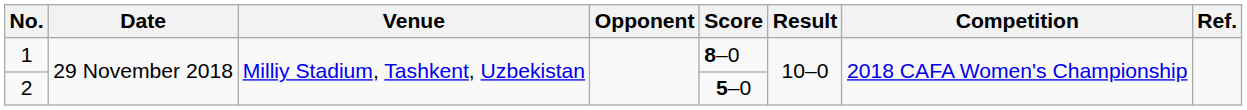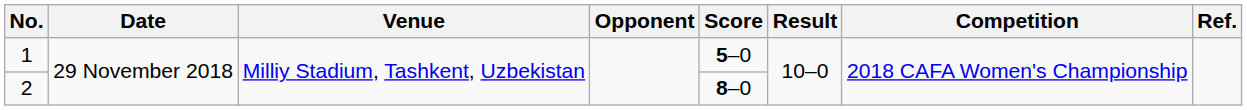 <table class="wikitable">
 <tr>
 <th>No.</th>
 <th>Date</th>
 <th>Venue</th>
 <th>Opponent</th>
 <th>Score</th>
 <th>Result</th>
 <th>Competition</th>
 <th>Ref.</th>
 </tr>
 <tr>
 <td style="text-align:center;">1</td>
 <td rowspan=2>29 November 2018</td>
 <td rowspan=2><a href='#'>Milliy Stadium</a>, <a href='#'>Tashkent</a>, <a href='#'>Uzbekistan</a></td>
 <td rowspan=2></td>
-<td><strong>8</strong>–0</td>
+<td style="text-align:center;"><strong>5</strong>–0</td>
 <td rowspan=2 style="text-align:center;">10–0</td>
 <td rowspan=2><a href='#'>2018 CAFA Women's Championship</a></td>
 <td rowspan=2></td>
 </tr>
 <tr style="text-align:center;">
 <td>2</td>
-<td style="text-align:center;"><strong>5</strong>–0</td>
+<td><strong>8</strong>–0</td>
 </tr>
 </table>
